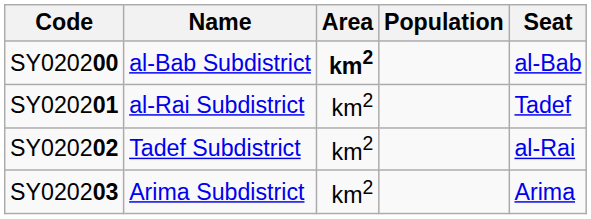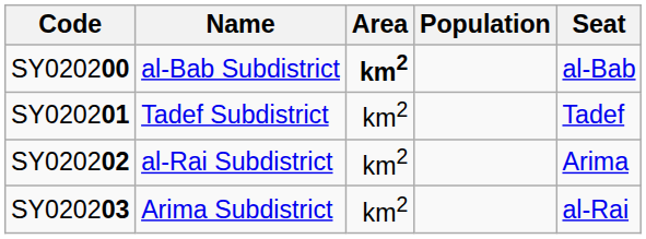 <table class="wikitable sortable">
 <tr>
 <th>Code</th>
 <th>Name</th>
 <th>Area</th>
 <th>Population</th>
 <th>Seat</th>
 </tr>
 <tr>
 <td>SY0202<strong>00</strong></td>
 <td><a href='#'>al-Bab Subdistrict</a></td>
 <td align=right><strong> km<sup>2</sup></strong></td>
 <td align=right></td>
 <td><a href='#'>al-Bab</a></td>
 </tr>
 <tr>
 <td>SY0202<strong>01</strong></td>
-<td><a href='#'>al-Rai Subdistrict</a></td>
+<td><a href='#'>Tadef Subdistrict</a></td>
 <td align=right> km<sup>2</sup></td>
 <td align=right></td>
 <td><a href='#'>Tadef</a></td>
 </tr>
 <tr>
 <td>SY0202<strong>02</strong></td>
-<td><a href='#'>Tadef Subdistrict</a></td>
+<td><a href='#'>al-Rai Subdistrict</a></td>
 <td align=right> km<sup>2</sup></td>
 <td align=right></td>
-<td><a href='#'>al-Rai</a></td>
+<td><a href='#'>Arima</a></td>
 </tr>
 <tr>
 <td>SY0202<strong>03</strong></td>
 <td><a href='#'>Arima Subdistrict</a></td>
 <td align=right rowspan=2> km<sup>2</sup></td>
 <td align=right rowspan=2></td>
-<td><a href='#'>Arima</a></td>
+<td><a href='#'>al-Rai</a></td>
 </tr>
 </table>
